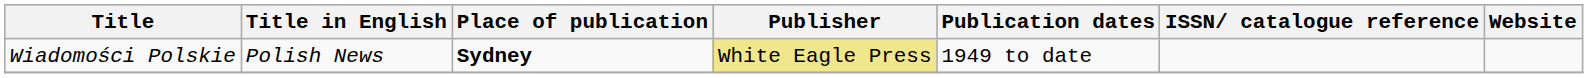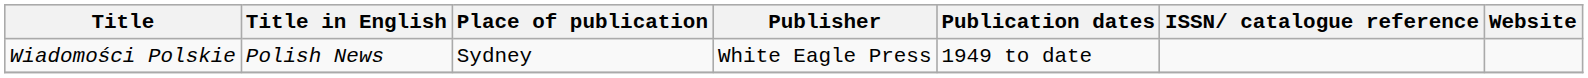 <table class="wikitable sortable">
 <tr>
 <th>Title</th>
 <th>Title in English</th>
 <th>Place of publication</th>
 <th>Publisher</th>
 <th>Publication dates</th>
 <th>ISSN/ catalogue reference</th>
 <th>Website</th>
 </tr>
 <tr>
 <td><em>Wiadomości Polskie</em></td>
 <td><em>Polish News</em></td>
-<td><strong>Sydney</strong></td>
-<td style="background: khaki;">White Eagle Press</td>
+<td>Sydney</td>
+<td>White Eagle Press</td>
 <td>1949 to date</td>
 <td></td>
 <td></td>
 </tr>
 <tr>
 </tr>
 </table>
